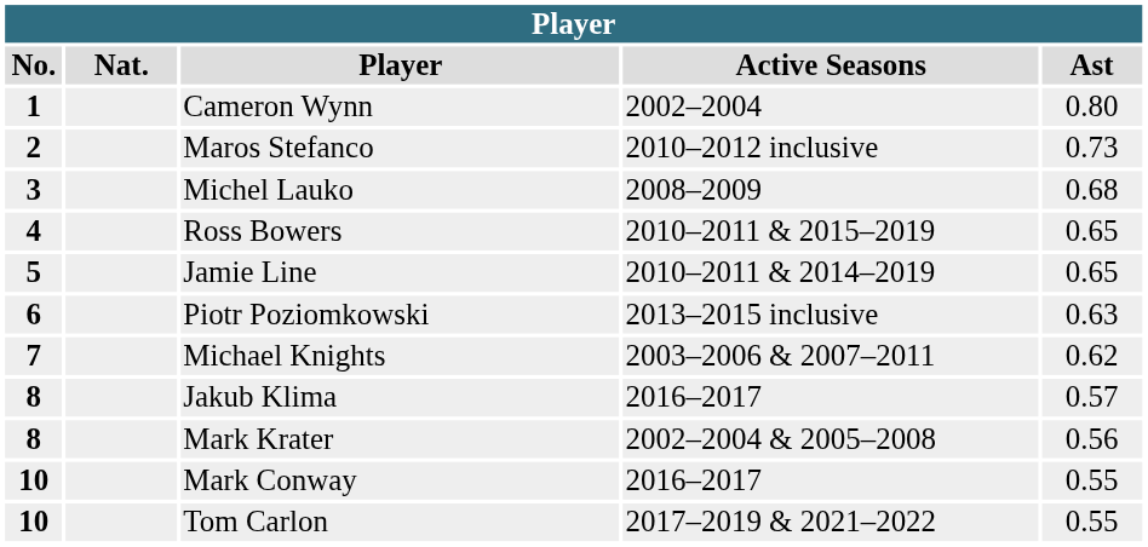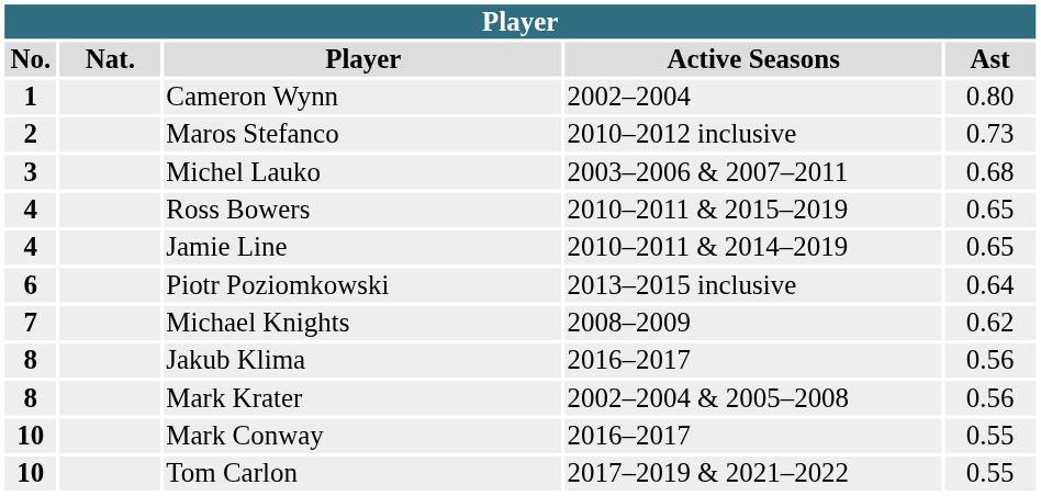 <table class="toccolours"  style="width:97%; clear:both; margin:1.5em auto; text-align:center;">
 <tr>
 <th colspan="11" style="background:#2f6d81; color:white;”">Player</th>
 </tr>
 <tr style="background:#ddd;">
 <th width=5%>No.</th>
 <th width=10%>Nat.</th>
 <th !width=30%>Player</th>
 <th width=37%>Active Seasons</th>
 <th widith=18%>Ast</th>
 </tr>
 <tr style="background:#eee;">
 <td><strong>1</strong></td>
 <td></td>
 <td align=left>Cameron Wynn</td>
 <td align=left>2002–2004</td>
 <td>0.80</td>
 </tr>
 <tr style="background:#eee;">
 <td><strong>2</strong></td>
 <td></td>
 <td align=left>Maros Stefanco</td>
 <td align=left>2010–2012 inclusive</td>
 <td>0.73</td>
 </tr>
 <tr style="background:#eee;">
 <td><strong>3</strong></td>
 <td></td>
 <td align=left>Michel Lauko</td>
-<td align=left>2008–2009</td>
+<td align=left>2003–2006 & 2007–2011</td>
 <td>0.68</td>
 </tr>
 <tr style="background:#eee;">
 <td><strong>4</strong></td>
 <td></td>
 <td align=left>Ross Bowers</td>
 <td align=left>2010–2011 & 2015–2019</td>
 <td>0.65</td>
 </tr>
 <tr style="background:#eee;">
-<td><strong>5</strong></td>
+<td><strong>4</strong></td>
 <td></td>
 <td align=left>Jamie Line</td>
 <td align=left>2010–2011 & 2014–2019</td>
 <td>0.65</td>
 </tr>
 <tr style="background:#eee;">
 <td><strong>6</strong></td>
 <td></td>
 <td align=left>Piotr Poziomkowski</td>
 <td align=left>2013–2015 inclusive</td>
-<td>0.63</td>
+<td>0.64</td>
 </tr>
 <tr style="background:#eee;">
 <td><strong>7</strong></td>
 <td></td>
 <td align=left>Michael Knights</td>
-<td align=left>2003–2006 & 2007–2011</td>
+<td align=left>2008–2009</td>
 <td>0.62</td>
 </tr>
 <tr style="background:#eee;">
 <td><strong>8</strong></td>
 <td></td>
 <td align="left">Jakub Klima</td>
 <td align=left>2016–2017</td>
-<td>0.57</td>
+<td>0.56</td>
 </tr>
 <tr style="background:#eee;">
 <td><strong>8</strong></td>
 <td></td>
 <td align="left">Mark Krater</td>
 <td align=left>2002–2004 & 2005–2008</td>
 <td>0.56</td>
 </tr>
 <tr style="background:#eee;">
 <td><strong>10</strong></td>
 <td></td>
 <td align="left">Mark Conway</td>
 <td align=left>2016–2017</td>
 <td>0.55</td>
 </tr>
 <tr style="background:#eee;">
 <td><strong>10</strong></td>
 <td></td>
 <td align="left">Tom Carlon</td>
 <td align=left>2017–2019 & 2021–2022</td>
 <td>0.55</td>
 </tr>
 </table>
